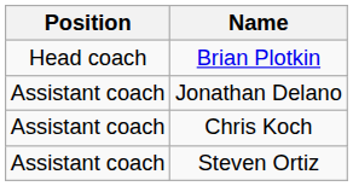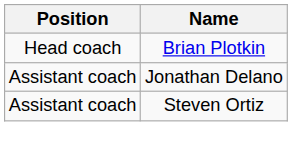 <table class="wikitable" style="text-align: center;">
 <tr>
 <th>Position</th>
 <th>Name</th>
 </tr>
 <tr>
 <td>Head coach</td>
 <td><a href='#'>Brian Plotkin</a></td>
 </tr>
 <tr>
 <td>Assistant coach</td>
 <td>Jonathan Delano</td>
 </tr>
 <tr>
 <td>Assistant coach</td>
-<td>Chris Koch</td>
-</tr>
-<tr>
-<td>Assistant coach</td>
 <td>Steven Ortiz</td>
 </tr>
 </table>
